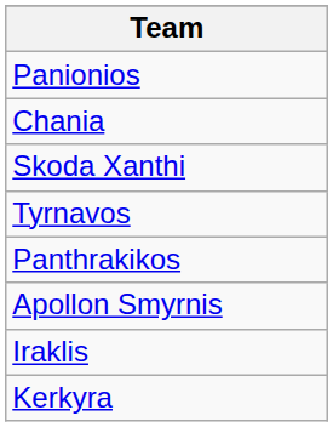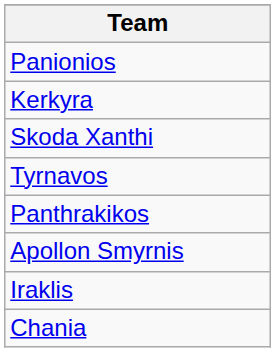 <table class="wikitable" style="float:left; margin-right:1em;">
 <tr>
 </tr>
 <tr>
 <th width=170>Team</th>
 </tr>
 <tr>
 <td><a href='#'>Panionios</a></td>
 </tr>
 <tr>
-<td><a href='#'>Chania</a></td>
+<td><a href='#'>Kerkyra</a></td>
 </tr>
 <tr>
 <td><a href='#'>Skoda Xanthi</a></td>
 </tr>
 <tr>
 <td><a href='#'>Tyrnavos</a></td>
 </tr>
 <tr>
 <td><a href='#'>Panthrakikos</a></td>
 </tr>
 <tr>
 <td><a href='#'>Apollon Smyrnis</a></td>
 </tr>
 <tr>
 <td><a href='#'>Iraklis</a></td>
 </tr>
 <tr>
-<td><a href='#'>Kerkyra</a></td>
+<td><a href='#'>Chania</a></td>
 </tr>
 </table>
